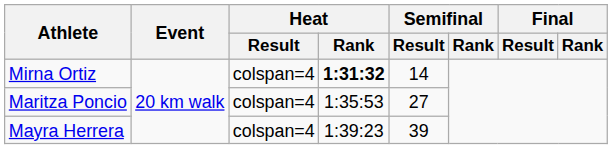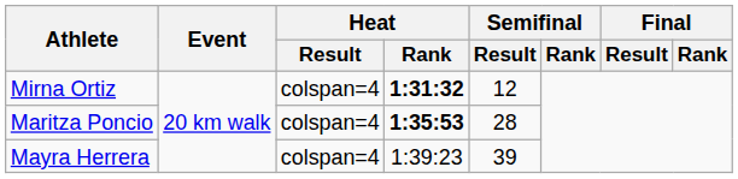 <table class="wikitable" style="font-size:90%">
 <tr>
 <th rowspan="2">Athlete</th>
 <th rowspan="2">Event</th>
 <th colspan="2">Heat</th>
 <th colspan="2">Semifinal</th>
 <th colspan="2">Final</th>
 </tr>
 <tr style="font-size:95%">
 <th>Result</th>
 <th>Rank</th>
 <th>Result</th>
 <th>Rank</th>
 <th>Result</th>
 <th>Rank</th>
 </tr>
 <tr style=text-align:center>
 <td style=text-align:left><a href='#'>Mirna Ortiz</a></td>
 <td style=text-align:left rowspan=3><a href='#'>20 km walk</a></td>
 <td>colspan=4 </td>
 <td><strong>1:31:32</strong></td>
-<td>14</td>
+<td>12</td>
 </tr>
 <tr style=text-align:center>
 <td style=text-align:left><a href='#'>Maritza Poncio</a></td>
 <td>colspan=4 </td>
-<td>1:35:53</td>
-<td>27</td>
+<td><strong>1:35:53</strong></td>
+<td>28</td>
 </tr>
 <tr style=text-align:center>
 <td style=text-align:left><a href='#'>Mayra Herrera</a></td>
 <td>colspan=4 </td>
 <td>1:39:23</td>
 <td>39</td>
 </tr>
 </table>
